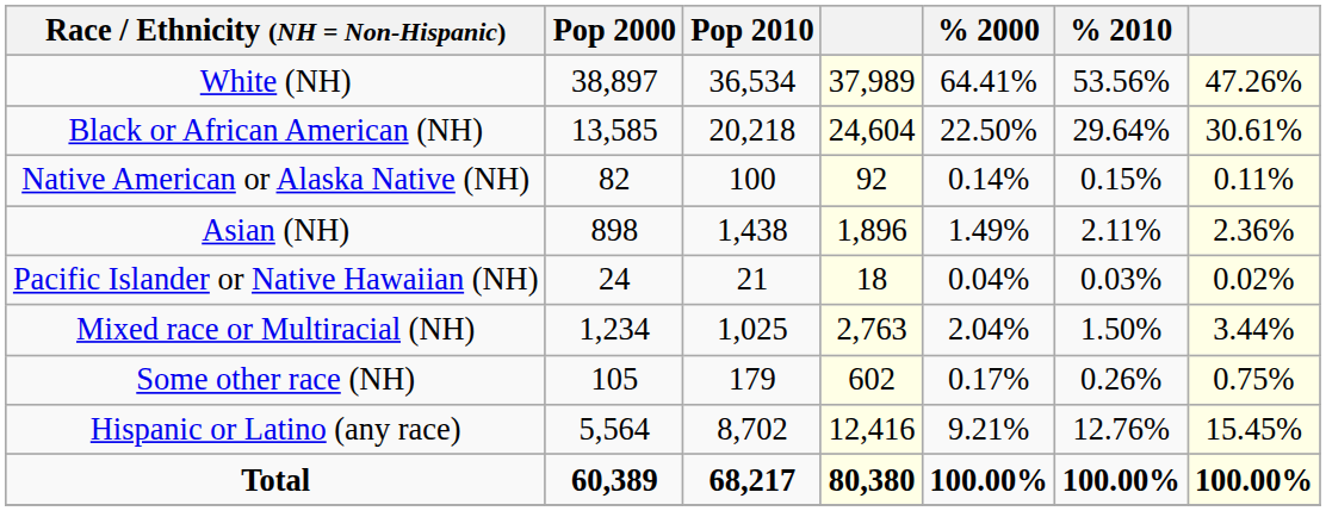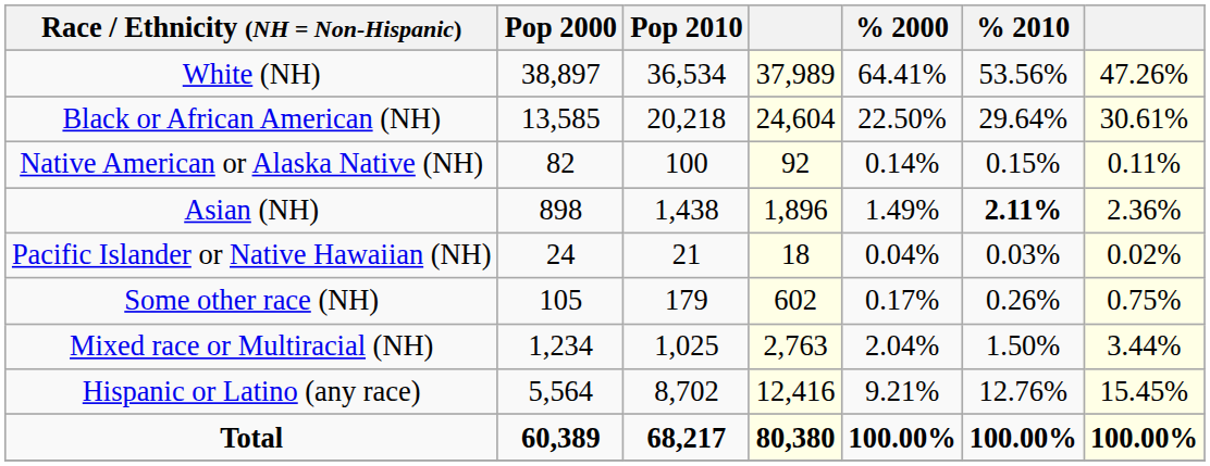 <table class="wikitable" style="text-align:center;">
 <tr>
 <th>Race / Ethnicity <small>(<em>NH = Non-Hispanic</em>)</small></th>
 <th>Pop 2000</th>
 <th>Pop 2010</th>
 <th></th>
 <th>% 2000</th>
 <th>% 2010</th>
 <th></th>
 </tr>
 <tr>
 <td><a href='#'>White</a> (NH)</td>
 <td>38,897</td>
 <td>36,534</td>
 <td style='background: #ffffe6;'>37,989</td>
 <td>64.41%</td>
 <td>53.56%</td>
 <td style='background: #ffffe6;'>47.26%</td>
 </tr>
 <tr>
 <td><a href='#'>Black or African American</a> (NH)</td>
 <td>13,585</td>
 <td>20,218</td>
 <td style='background: #ffffe6;'>24,604</td>
 <td>22.50%</td>
 <td>29.64%</td>
 <td style='background: #ffffe6;'>30.61%</td>
 </tr>
 <tr>
 <td><a href='#'>Native American</a> or <a href='#'>Alaska Native</a> (NH)</td>
 <td>82</td>
 <td>100</td>
 <td style='background: #ffffe6;'>92</td>
 <td>0.14%</td>
 <td>0.15%</td>
 <td style='background: #ffffe6;'>0.11%</td>
 </tr>
 <tr>
 <td><a href='#'>Asian</a> (NH)</td>
 <td>898</td>
 <td>1,438</td>
 <td style='background: #ffffe6;'>1,896</td>
 <td>1.49%</td>
-<td>2.11%</td>
+<td><strong>2.11%</strong></td>
 <td style='background: #ffffe6;'>2.36%</td>
 </tr>
 <tr>
 <td><a href='#'>Pacific Islander</a> or <a href='#'>Native Hawaiian</a> (NH)</td>
 <td>24</td>
 <td>21</td>
 <td style='background: #ffffe6;'>18</td>
 <td>0.04%</td>
 <td>0.03%</td>
 <td style='background: #ffffe6;'>0.02%</td>
 </tr>
 <tr>
+<td><a href='#'>Some other race</a> (NH)</td>
+<td>105</td>
+<td>179</td>
+<td style='background: #ffffe6;'>602</td>
+<td>0.17%</td>
+<td>0.26%</td>
+<td style='background: #ffffe6;'>0.75%</td>
+</tr>
+<tr>
 <td><a href='#'>Mixed race or Multiracial</a> (NH)</td>
 <td>1,234</td>
 <td>1,025</td>
 <td style='background: #ffffe6;'>2,763</td>
 <td>2.04%</td>
 <td>1.50%</td>
 <td style='background: #ffffe6;'>3.44%</td>
-</tr>
-<tr>
-<td><a href='#'>Some other race</a> (NH)</td>
-<td>105</td>
-<td>179</td>
-<td style='background: #ffffe6;'>602</td>
-<td>0.17%</td>
-<td>0.26%</td>
-<td style='background: #ffffe6;'>0.75%</td>
 </tr>
 <tr>
 <td><a href='#'>Hispanic or Latino</a> (any race)</td>
 <td>5,564</td>
 <td>8,702</td>
 <td style='background: #ffffe6;'>12,416</td>
 <td>9.21%</td>
 <td>12.76%</td>
 <td style='background: #ffffe6;'>15.45%</td>
 </tr>
 <tr>
 <td><strong>Total</strong></td>
 <td><strong>60,389</strong></td>
 <td><strong>68,217</strong></td>
 <td style='background: #ffffe6;'><strong>80,380</strong></td>
 <td><strong>100.00%</strong></td>
 <td><strong>100.00%</strong></td>
 <td style='background: #ffffe6;'><strong>100.00%</strong></td>
 </tr>
 <tr>
 </tr>
 </table>
